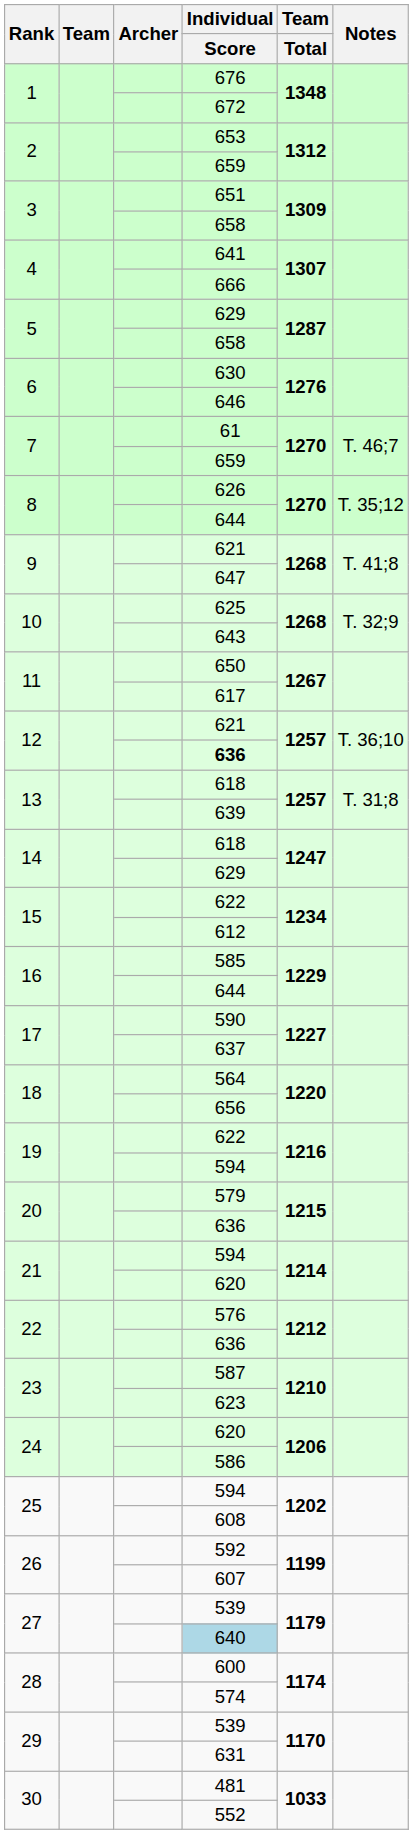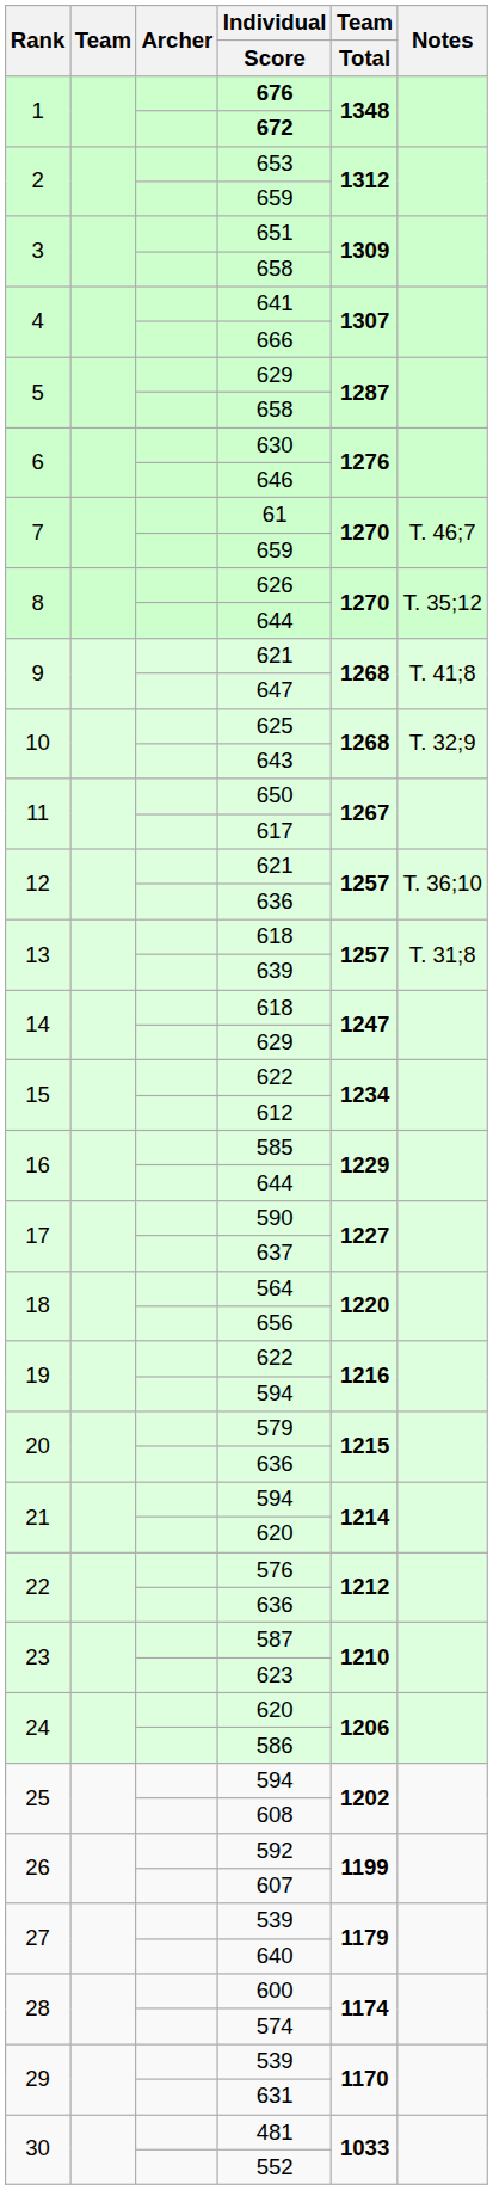 <table class="wikitable sortable" style="font-size:100%; text-align:center;">
 <tr>
 <th rowspan="2">Rank</th>
 <th rowspan="2">Team</th>
 <th rowspan="2">Archer</th>
 <th colspan="1">Individual</th>
 <th colspan="1">Team</th>
 <th rowspan="2">Notes</th>
 </tr>
 <tr>
 <th>Score</th>
 <th>Total</th>
 </tr>
 <tr bgcolor="#ccffcc">
 <td rowspan="2">1</td>
 <td align="left" rowspan="2"></td>
 <td align="left"></td>
-<td>676</td>
+<td><strong>676</strong></td>
 <td rowspan="2"><strong>1348</strong></td>
 <td rowspan="2"></td>
 </tr>
 <tr bgcolor="#ccffcc">
 <td align="left"></td>
-<td>672</td>
+<td><strong>672</strong></td>
 </tr>
 <tr bgcolor="#ccffcc">
 <td rowspan="2">2</td>
 <td align="left" rowspan="2"></td>
 <td align="left"></td>
 <td>653</td>
 <td rowspan="2"><strong>1312</strong></td>
 <td rowspan="2"></td>
 </tr>
 <tr bgcolor="#ccffcc">
 <td align="left"></td>
 <td>659</td>
 </tr>
 <tr bgcolor="#ccffcc">
 <td rowspan="2">3</td>
 <td align="left" rowspan="2"></td>
 <td align="left"></td>
 <td>651</td>
 <td rowspan="2"><strong>1309</strong></td>
 <td rowspan="2"></td>
 </tr>
 <tr bgcolor="#ccffcc">
 <td align="left"></td>
 <td>658</td>
 </tr>
 <tr bgcolor="#ccffcc">
 <td rowspan="2">4</td>
 <td align="left" rowspan="2"></td>
 <td align="left"></td>
 <td>641</td>
 <td rowspan="2"><strong>1307</strong></td>
 <td rowspan="2"></td>
 </tr>
 <tr bgcolor="#ccffcc">
 <td align="left"></td>
 <td>666</td>
 </tr>
 <tr bgcolor="#ccffcc">
 <td rowspan="2">5</td>
 <td align="left" rowspan="2"></td>
 <td align="left"></td>
 <td>629</td>
 <td rowspan="2"><strong>1287</strong></td>
 <td rowspan="2"></td>
 </tr>
 <tr bgcolor="#ccffcc">
 <td align="left"></td>
 <td>658</td>
 </tr>
 <tr bgcolor="#ccffcc">
 <td rowspan="2">6</td>
 <td align="left" rowspan="2"></td>
 <td align="left"></td>
 <td>630</td>
 <td rowspan="2"><strong>1276</strong></td>
 <td rowspan="2"></td>
 </tr>
 <tr bgcolor="#ccffcc">
 <td align="left"></td>
 <td>646</td>
 </tr>
 <tr bgcolor="#ccffcc">
 <td rowspan="2">7</td>
 <td align="left" rowspan="2"></td>
 <td align="left"></td>
 <td>61</td>
 <td rowspan="2"><strong>1270</strong></td>
 <td rowspan="2">T. 46;7</td>
 </tr>
 <tr bgcolor="#ccffcc">
 <td align="left"></td>
 <td>659</td>
 </tr>
 <tr bgcolor="#ccffcc">
 <td rowspan="2">8</td>
 <td align="left" rowspan="2"></td>
 <td align="left"></td>
 <td>626</td>
 <td rowspan="2"><strong>1270</strong></td>
 <td rowspan="2">T. 35;12</td>
 </tr>
 <tr bgcolor="#ccffcc">
 <td align="left"></td>
 <td>644</td>
 </tr>
 <tr bgcolor="#ddffdd">
 <td rowspan="2">9</td>
 <td align="left" rowspan="2"></td>
 <td align="left"></td>
 <td>621</td>
 <td rowspan="2"><strong>1268</strong></td>
 <td rowspan="2">T. 41;8</td>
 </tr>
 <tr bgcolor="#ddffdd">
 <td align="left"></td>
 <td>647</td>
 </tr>
 <tr bgcolor="#ddffdd">
 <td rowspan="2">10</td>
 <td align="left" rowspan="2"></td>
 <td align="left"></td>
 <td>625</td>
 <td rowspan="2"><strong>1268</strong></td>
 <td rowspan="2">T. 32;9</td>
 </tr>
 <tr bgcolor="#ddffdd">
 <td align="left"></td>
 <td>643</td>
 </tr>
 <tr bgcolor="#ddffdd">
 <td rowspan="2">11</td>
 <td align="left" rowspan="2"></td>
 <td align="left"></td>
 <td>650</td>
 <td rowspan="2"><strong>1267</strong></td>
 <td rowspan="2"></td>
 </tr>
 <tr bgcolor="#ddffdd">
 <td align="left"></td>
 <td>617</td>
 </tr>
 <tr bgcolor="#ddffdd">
 <td rowspan="2">12</td>
 <td align="left" rowspan="2"></td>
 <td align="left"></td>
 <td>621</td>
 <td rowspan="2"><strong>1257</strong></td>
 <td rowspan="2">T. 36;10</td>
 </tr>
 <tr bgcolor="#ddffdd">
 <td align="left"></td>
-<td><strong>636</strong></td>
+<td>636</td>
 </tr>
 <tr bgcolor="#ddffdd">
 <td rowspan="2">13</td>
 <td align="left" rowspan="2"></td>
 <td align="left"></td>
 <td>618</td>
 <td rowspan="2"><strong>1257</strong></td>
 <td rowspan="2">T. 31;8</td>
 </tr>
 <tr bgcolor="#ddffdd">
 <td align="left"></td>
 <td>639</td>
 </tr>
 <tr bgcolor="#ddffdd">
 <td rowspan="2">14</td>
 <td align="left" rowspan="2"></td>
 <td align="left"></td>
 <td>618</td>
 <td rowspan="2"><strong>1247</strong></td>
 <td rowspan="2"></td>
 </tr>
 <tr bgcolor="#ddffdd">
 <td align="left"></td>
 <td>629</td>
 </tr>
 <tr bgcolor="#ddffdd">
 <td rowspan="2">15</td>
 <td align="left" rowspan="2"></td>
 <td align="left"></td>
 <td>622</td>
 <td rowspan="2"><strong>1234</strong></td>
 <td rowspan="2"></td>
 </tr>
 <tr bgcolor="#ddffdd">
 <td align="left"></td>
 <td>612</td>
 </tr>
 <tr bgcolor="#ddffdd">
 <td rowspan="2">16</td>
 <td align="left" rowspan="2"></td>
 <td align="left"></td>
 <td>585</td>
 <td rowspan="2"><strong>1229</strong></td>
 <td rowspan="2"></td>
 </tr>
 <tr bgcolor="#ddffdd">
 <td align="left"></td>
 <td>644</td>
 </tr>
 <tr bgcolor="#ddffdd">
 <td rowspan="2">17</td>
 <td align="left" rowspan="2"></td>
 <td align="left"></td>
 <td>590</td>
 <td rowspan="2"><strong>1227</strong></td>
 <td rowspan="2"></td>
 </tr>
 <tr bgcolor="#ddffdd">
 <td align="left"></td>
 <td>637</td>
 </tr>
 <tr bgcolor="#ddffdd">
 <td rowspan="2">18</td>
 <td align="left" rowspan="2"></td>
 <td align="left"></td>
 <td>564</td>
 <td rowspan="2"><strong>1220</strong></td>
 <td rowspan="2"></td>
 </tr>
 <tr bgcolor="#ddffdd">
 <td align="left"></td>
 <td>656</td>
 </tr>
 <tr bgcolor="#ddffdd">
 <td rowspan="2">19</td>
 <td align="left" rowspan="2"></td>
 <td align="left"></td>
 <td>622</td>
 <td rowspan="2"><strong>1216</strong></td>
 <td rowspan="2"></td>
 </tr>
 <tr bgcolor="#ddffdd">
 <td align="left"></td>
 <td>594</td>
 </tr>
 <tr bgcolor="#ddffdd">
 <td rowspan="2">20</td>
 <td align="left" rowspan="2"></td>
 <td align="left"></td>
 <td>579</td>
 <td rowspan="2"><strong>1215</strong></td>
 <td rowspan="2"></td>
 </tr>
 <tr bgcolor="#ddffdd">
 <td align="left"></td>
 <td>636</td>
 </tr>
 <tr bgcolor="#ddffdd">
 <td rowspan="2">21</td>
 <td align="left" rowspan="2"></td>
 <td align="left"></td>
 <td>594</td>
 <td rowspan="2"><strong>1214</strong></td>
 <td rowspan="2"></td>
 </tr>
 <tr bgcolor="#ddffdd">
 <td align="left"></td>
 <td>620</td>
 </tr>
 <tr bgcolor="#ddffdd">
 <td rowspan="2">22</td>
 <td align="left" rowspan="2"></td>
 <td align="left"></td>
 <td>576</td>
 <td rowspan="2"><strong>1212</strong></td>
 <td rowspan="2"></td>
 </tr>
 <tr bgcolor="#ddffdd">
 <td align="left"></td>
 <td>636</td>
 </tr>
 <tr bgcolor="#ddffdd">
 <td rowspan="2">23</td>
 <td align="left" rowspan="2"></td>
 <td align="left"></td>
 <td>587</td>
 <td rowspan="2"><strong>1210</strong></td>
 <td rowspan="2"></td>
 </tr>
 <tr bgcolor="#ddffdd">
 <td align="left"></td>
 <td>623</td>
 </tr>
 <tr bgcolor="#ddffdd">
 <td rowspan="2">24</td>
 <td align="left" rowspan="2"></td>
 <td align="left"></td>
 <td>620</td>
 <td rowspan="2"><strong>1206</strong></td>
 <td rowspan="2"></td>
 </tr>
 <tr bgcolor="#ddffdd">
 <td align="left"></td>
 <td>586</td>
 </tr>
 <tr>
 <td rowspan="2">25</td>
 <td align="left" rowspan="2"></td>
 <td align="left"></td>
 <td>594</td>
 <td rowspan="2"><strong>1202</strong></td>
 <td rowspan="2"></td>
 </tr>
 <tr>
 <td align="left"></td>
 <td>608</td>
 </tr>
 <tr>
 <td rowspan="2">26</td>
 <td align="left" rowspan="2"></td>
 <td align="left"></td>
 <td>592</td>
 <td rowspan="2"><strong>1199</strong></td>
 <td rowspan="2"></td>
 </tr>
 <tr>
 <td align="left"></td>
 <td>607</td>
 </tr>
 <tr>
 <td rowspan="2">27</td>
 <td align="left" rowspan="2"></td>
 <td align="left"></td>
 <td>539</td>
 <td rowspan="2"><strong>1179</strong></td>
 <td rowspan="2"></td>
 </tr>
 <tr>
 <td align="left"></td>
-<td style="background: lightblue;">640</td>
+<td>640</td>
 </tr>
 <tr>
 <td rowspan="2">28</td>
 <td align="left" rowspan="2"></td>
 <td align="left"></td>
 <td>600</td>
 <td rowspan="2"><strong>1174</strong></td>
 <td rowspan="2"></td>
 </tr>
 <tr>
 <td align="left"></td>
 <td>574</td>
 </tr>
 <tr>
 <td rowspan="2">29</td>
 <td align="left" rowspan="2"></td>
 <td align="left"></td>
 <td>539</td>
 <td rowspan="2"><strong>1170</strong></td>
 <td rowspan="2"></td>
 </tr>
 <tr>
 <td align="left"></td>
 <td>631</td>
 </tr>
 <tr>
 <td rowspan="2">30</td>
 <td align="left" rowspan="2"></td>
 <td align="left"></td>
 <td>481</td>
 <td rowspan="2"><strong>1033</strong></td>
 <td rowspan="2"></td>
 </tr>
 <tr>
 <td align="left"></td>
 <td>552</td>
 </tr>
 </table>
